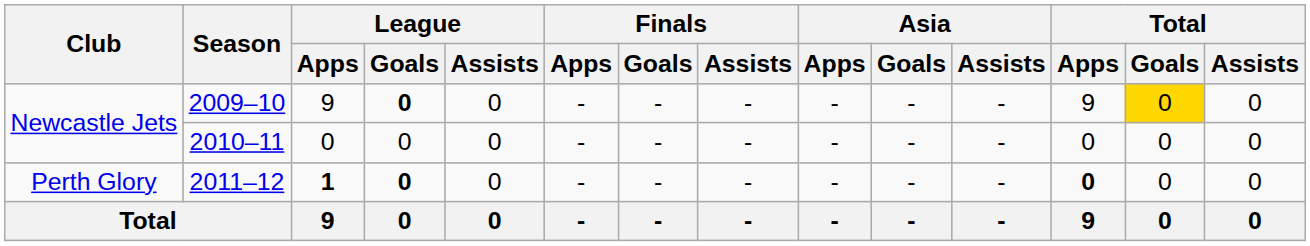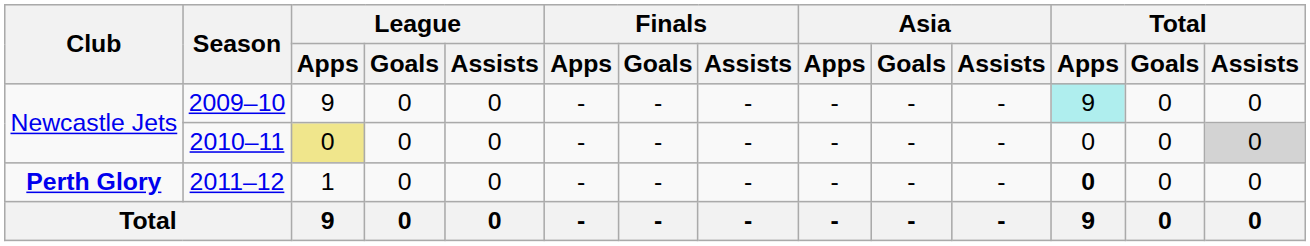 <table class="wikitable" style="text-align: center;">
 <tr>
 <th rowspan="2">Club</th>
 <th rowspan="2">Season</th>
 <th colspan="3">League</th>
 <th colspan="3">Finals</th>
 <th colspan="3">Asia</th>
 <th colspan="3">Total</th>
 </tr>
 <tr>
 <th>Apps</th>
 <th>Goals</th>
 <th>Assists</th>
 <th>Apps</th>
 <th>Goals</th>
 <th>Assists</th>
 <th>Apps</th>
 <th>Goals</th>
 <th>Assists</th>
 <th>Apps</th>
 <th>Goals</th>
 <th>Assists</th>
 </tr>
 <tr>
 <td rowspan="2" valign="center"><a href='#'>Newcastle Jets</a></td>
 <td><a href='#'>2009–10</a></td>
 <td>9</td>
-<td><strong>0</strong></td>
+<td>0</td>
 <td>0</td>
 <td>-</td>
 <td>-</td>
 <td>-</td>
 <td>-</td>
 <td>-</td>
 <td>-</td>
-<td>9</td>
-<td style="background: gold;">0</td>
+<td style="background: paleturquoise;">9</td>
+<td>0</td>
 <td>0</td>
 </tr>
 <tr>
 <td><a href='#'>2010–11</a></td>
-<td>0</td>
+<td style="background: khaki;">0</td>
 <td>0</td>
 <td>0</td>
 <td>-</td>
 <td>-</td>
 <td>-</td>
 <td>-</td>
 <td>-</td>
 <td>-</td>
 <td>0</td>
 <td>0</td>
-<td>0</td>
+<td style="background: lightgrey;">0</td>
 </tr>
 <tr>
-<td rowspan="1" valign="center"><a href='#'>Perth Glory</a></td>
+<td rowspan="1" valign="center"><strong><a href='#'>Perth Glory</a></strong></td>
 <td><a href='#'>2011–12</a></td>
-<td><strong>1</strong></td>
-<td><strong>0</strong></td>
+<td>1</td>
+<td>0</td>
 <td>0</td>
 <td>-</td>
 <td>-</td>
 <td>-</td>
 <td>-</td>
 <td>-</td>
 <td>-</td>
 <td><strong>0</strong></td>
 <td>0</td>
 <td>0</td>
 </tr>
 <tr>
 <th colspan="2">Total</th>
 <th>9</th>
 <th>0</th>
 <th>0</th>
 <th>-</th>
 <th>-</th>
 <th>-</th>
 <th>-</th>
 <th>-</th>
 <th>-</th>
 <th>9</th>
 <th>0</th>
 <th>0</th>
 </tr>
 </table>
